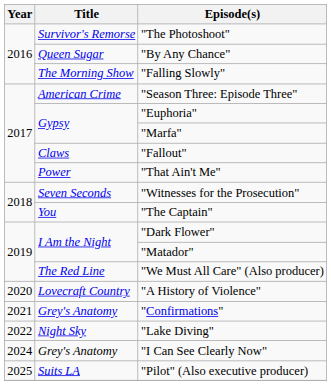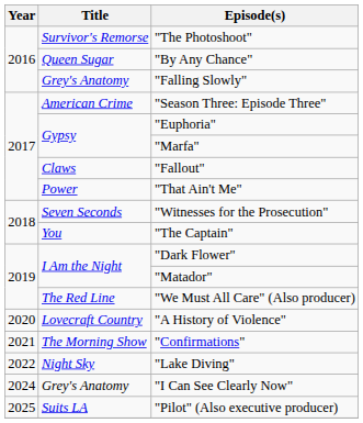 <table class="wikitable">
 <tr>
 <th>Year</th>
 <th>Title</th>
 <th>Episode(s)</th>
 </tr>
 <tr>
 <td rowspan=3>2016</td>
 <td><em><a href='#'>Survivor's Remorse</a></em></td>
 <td>"The Photoshoot"</td>
 </tr>
 <tr>
 <td><em><a href='#'>Queen Sugar</a></em></td>
 <td>"By Any Chance"</td>
 </tr>
 <tr>
-<td><em><a href='#'>The Morning Show</a></em></td>
+<td><em><a href='#'>Grey's Anatomy</a></em></td>
 <td>"Falling Slowly"</td>
 </tr>
 <tr>
 <td rowspan=5>2017</td>
 <td><em><a href='#'>American Crime</a></em></td>
 <td>"Season Three: Episode Three"</td>
 </tr>
 <tr>
 <td rowspan=2><em><a href='#'>Gypsy</a></em></td>
 <td>"Euphoria"</td>
 </tr>
 <tr>
 <td>"Marfa"</td>
 </tr>
 <tr>
 <td><em><a href='#'>Claws</a></em></td>
 <td>"Fallout"</td>
 </tr>
 <tr>
 <td><em><a href='#'>Power</a></em></td>
 <td>"That Ain't Me"</td>
 </tr>
 <tr>
 <td rowspan=2>2018</td>
 <td><em><a href='#'>Seven Seconds</a></em></td>
 <td>"Witnesses for the Prosecution"</td>
 </tr>
 <tr>
 <td><em><a href='#'>You</a></em></td>
 <td>"The Captain"</td>
 </tr>
 <tr>
 <td rowspan=3>2019</td>
 <td rowspan=2><em><a href='#'>I Am the Night</a></em></td>
 <td>"Dark Flower"</td>
 </tr>
 <tr>
 <td>"Matador"</td>
 </tr>
 <tr>
 <td><em><a href='#'>The Red Line</a></em></td>
 <td>"We Must All Care" (Also producer)</td>
 </tr>
 <tr>
 <td>2020</td>
 <td><em><a href='#'>Lovecraft Country</a></em></td>
 <td>"A History of Violence"</td>
 </tr>
 <tr>
 <td>2021</td>
-<td><em><a href='#'>Grey's Anatomy</a></em></td>
+<td><em><a href='#'>The Morning Show</a></em></td>
 <td>"<a href='#'>Confirmations</a>"</td>
 </tr>
 <tr>
 <td>2022</td>
 <td><em><a href='#'>Night Sky</a></em></td>
 <td>"Lake Diving"</td>
 </tr>
 <tr>
 <td>2024</td>
 <td><em>Grey's Anatomy</em></td>
 <td>"I Can See Clearly Now"</td>
 </tr>
 <tr>
 <td>2025</td>
 <td><em><a href='#'>Suits LA</a></em></td>
 <td>"Pilot" (Also executive producer)</td>
 </tr>
 <tr>
 </tr>
 </table>
